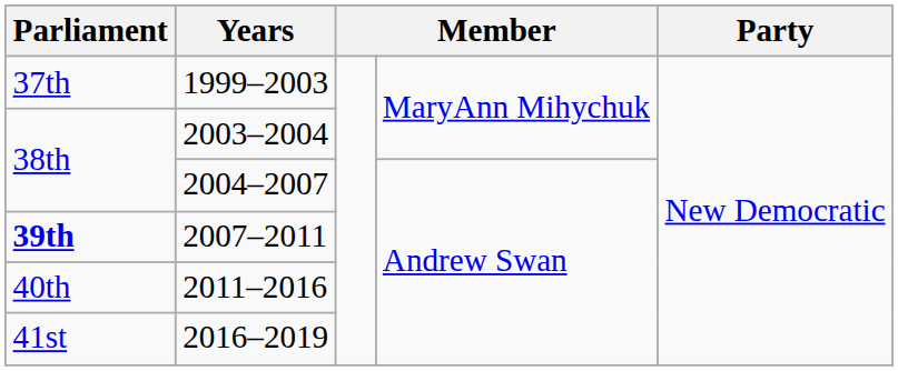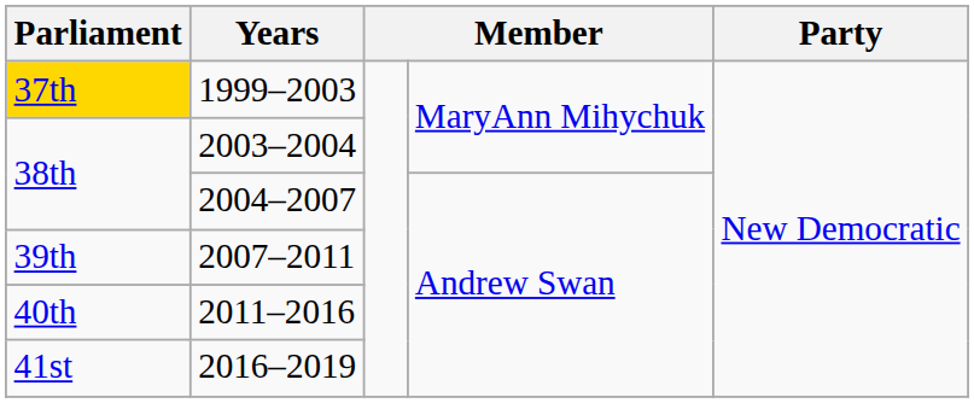 <table class="wikitable">
 <tr>
 <th>Parliament</th>
 <th>Years</th>
 <th colspan="2">Member</th>
 <th>Party</th>
 </tr>
 <tr>
-<td><a href='#'>37th</a></td>
+<td style="background: gold;"><a href='#'>37th</a></td>
 <td>1999–2003</td>
 <td rowspan="6" >   </td>
 <td rowspan="2"><a href='#'>MaryAnn Mihychuk</a></td>
 <td rowspan="6"><a href='#'>New Democratic</a></td>
 </tr>
 <tr>
 <td rowspan=2><a href='#'>38th</a></td>
 <td>2003–2004</td>
 </tr>
 <tr>
 <td>2004–2007</td>
 <td rowspan="4"><a href='#'>Andrew Swan</a></td>
 </tr>
 <tr>
-<td><strong><a href='#'>39th</a></strong></td>
+<td><a href='#'>39th</a></td>
 <td>2007–2011</td>
 </tr>
 <tr>
 <td><a href='#'>40th</a></td>
 <td>2011–2016</td>
 </tr>
 <tr>
 <td><a href='#'>41st</a></td>
 <td>2016–2019</td>
 </tr>
 </table>
